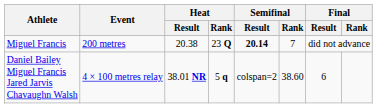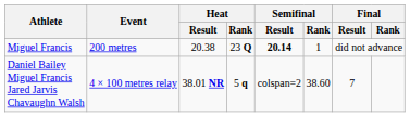 <table class="wikitable" style="font-size:90%">
 <tr>
 <th rowspan="2">Athlete</th>
 <th rowspan="2">Event</th>
 <th colspan="2">Heat</th>
 <th colspan="2">Semifinal</th>
 <th colspan="2">Final</th>
 </tr>
 <tr style="font-size:95%">
 <th>Result</th>
 <th>Rank</th>
 <th>Result</th>
 <th>Rank</th>
 <th>Result</th>
 <th>Rank</th>
 </tr>
 <tr style=text-align:center>
 <td style=text-align:left><a href='#'>Miguel Francis</a></td>
 <td style=text-align:left><a href='#'>200 metres</a></td>
 <td>20.38</td>
 <td>23 <strong>Q</strong></td>
 <td><strong>20.14</strong></td>
-<td>7</td>
+<td>1</td>
 <td colspan=2>did not advance</td>
 </tr>
 <tr style=text-align:center>
 <td style=text-align:left><a href='#'>Daniel Bailey</a><br><a href='#'>Miguel Francis</a><br><a href='#'>Jared Jarvis</a><br><a href='#'>Chavaughn Walsh</a></td>
 <td style=text-align:left><a href='#'>4 × 100 metres relay</a></td>
 <td>38.01 <strong><a href='#'>NR</a></strong></td>
 <td>5 <strong>q</strong></td>
 <td>colspan=2 </td>
 <td>38.60</td>
-<td>6</td>
+<td>7</td>
 </tr>
 </table>
